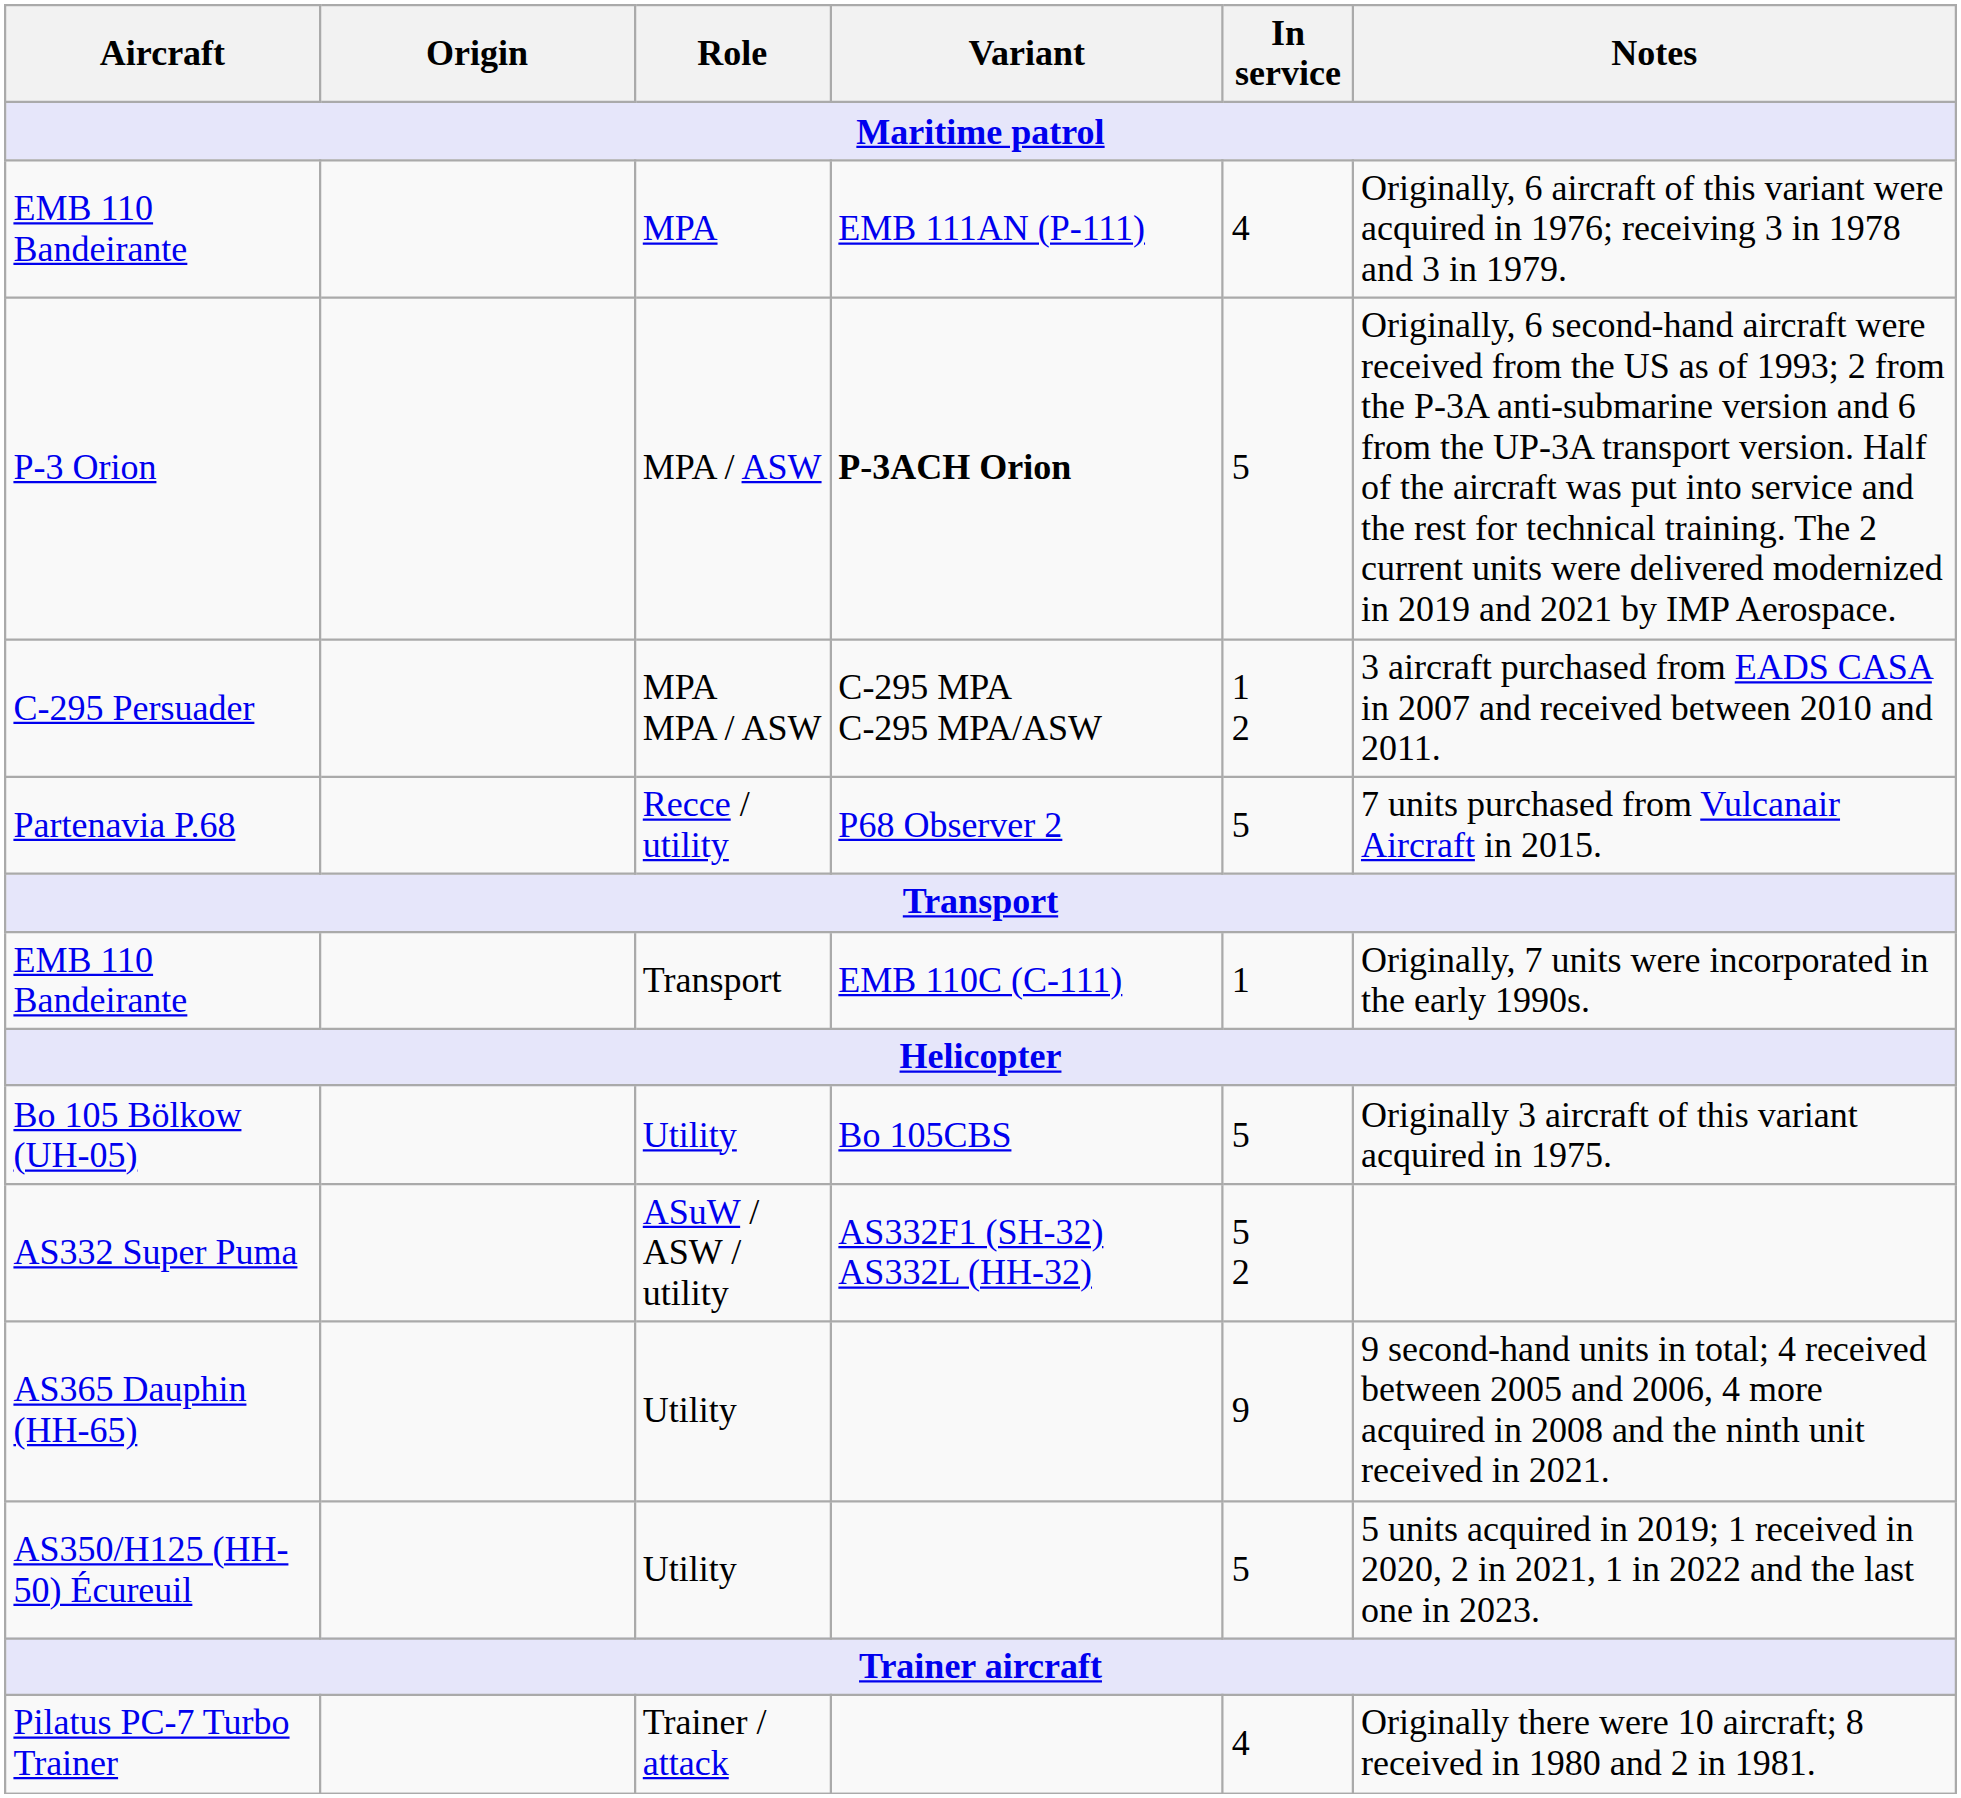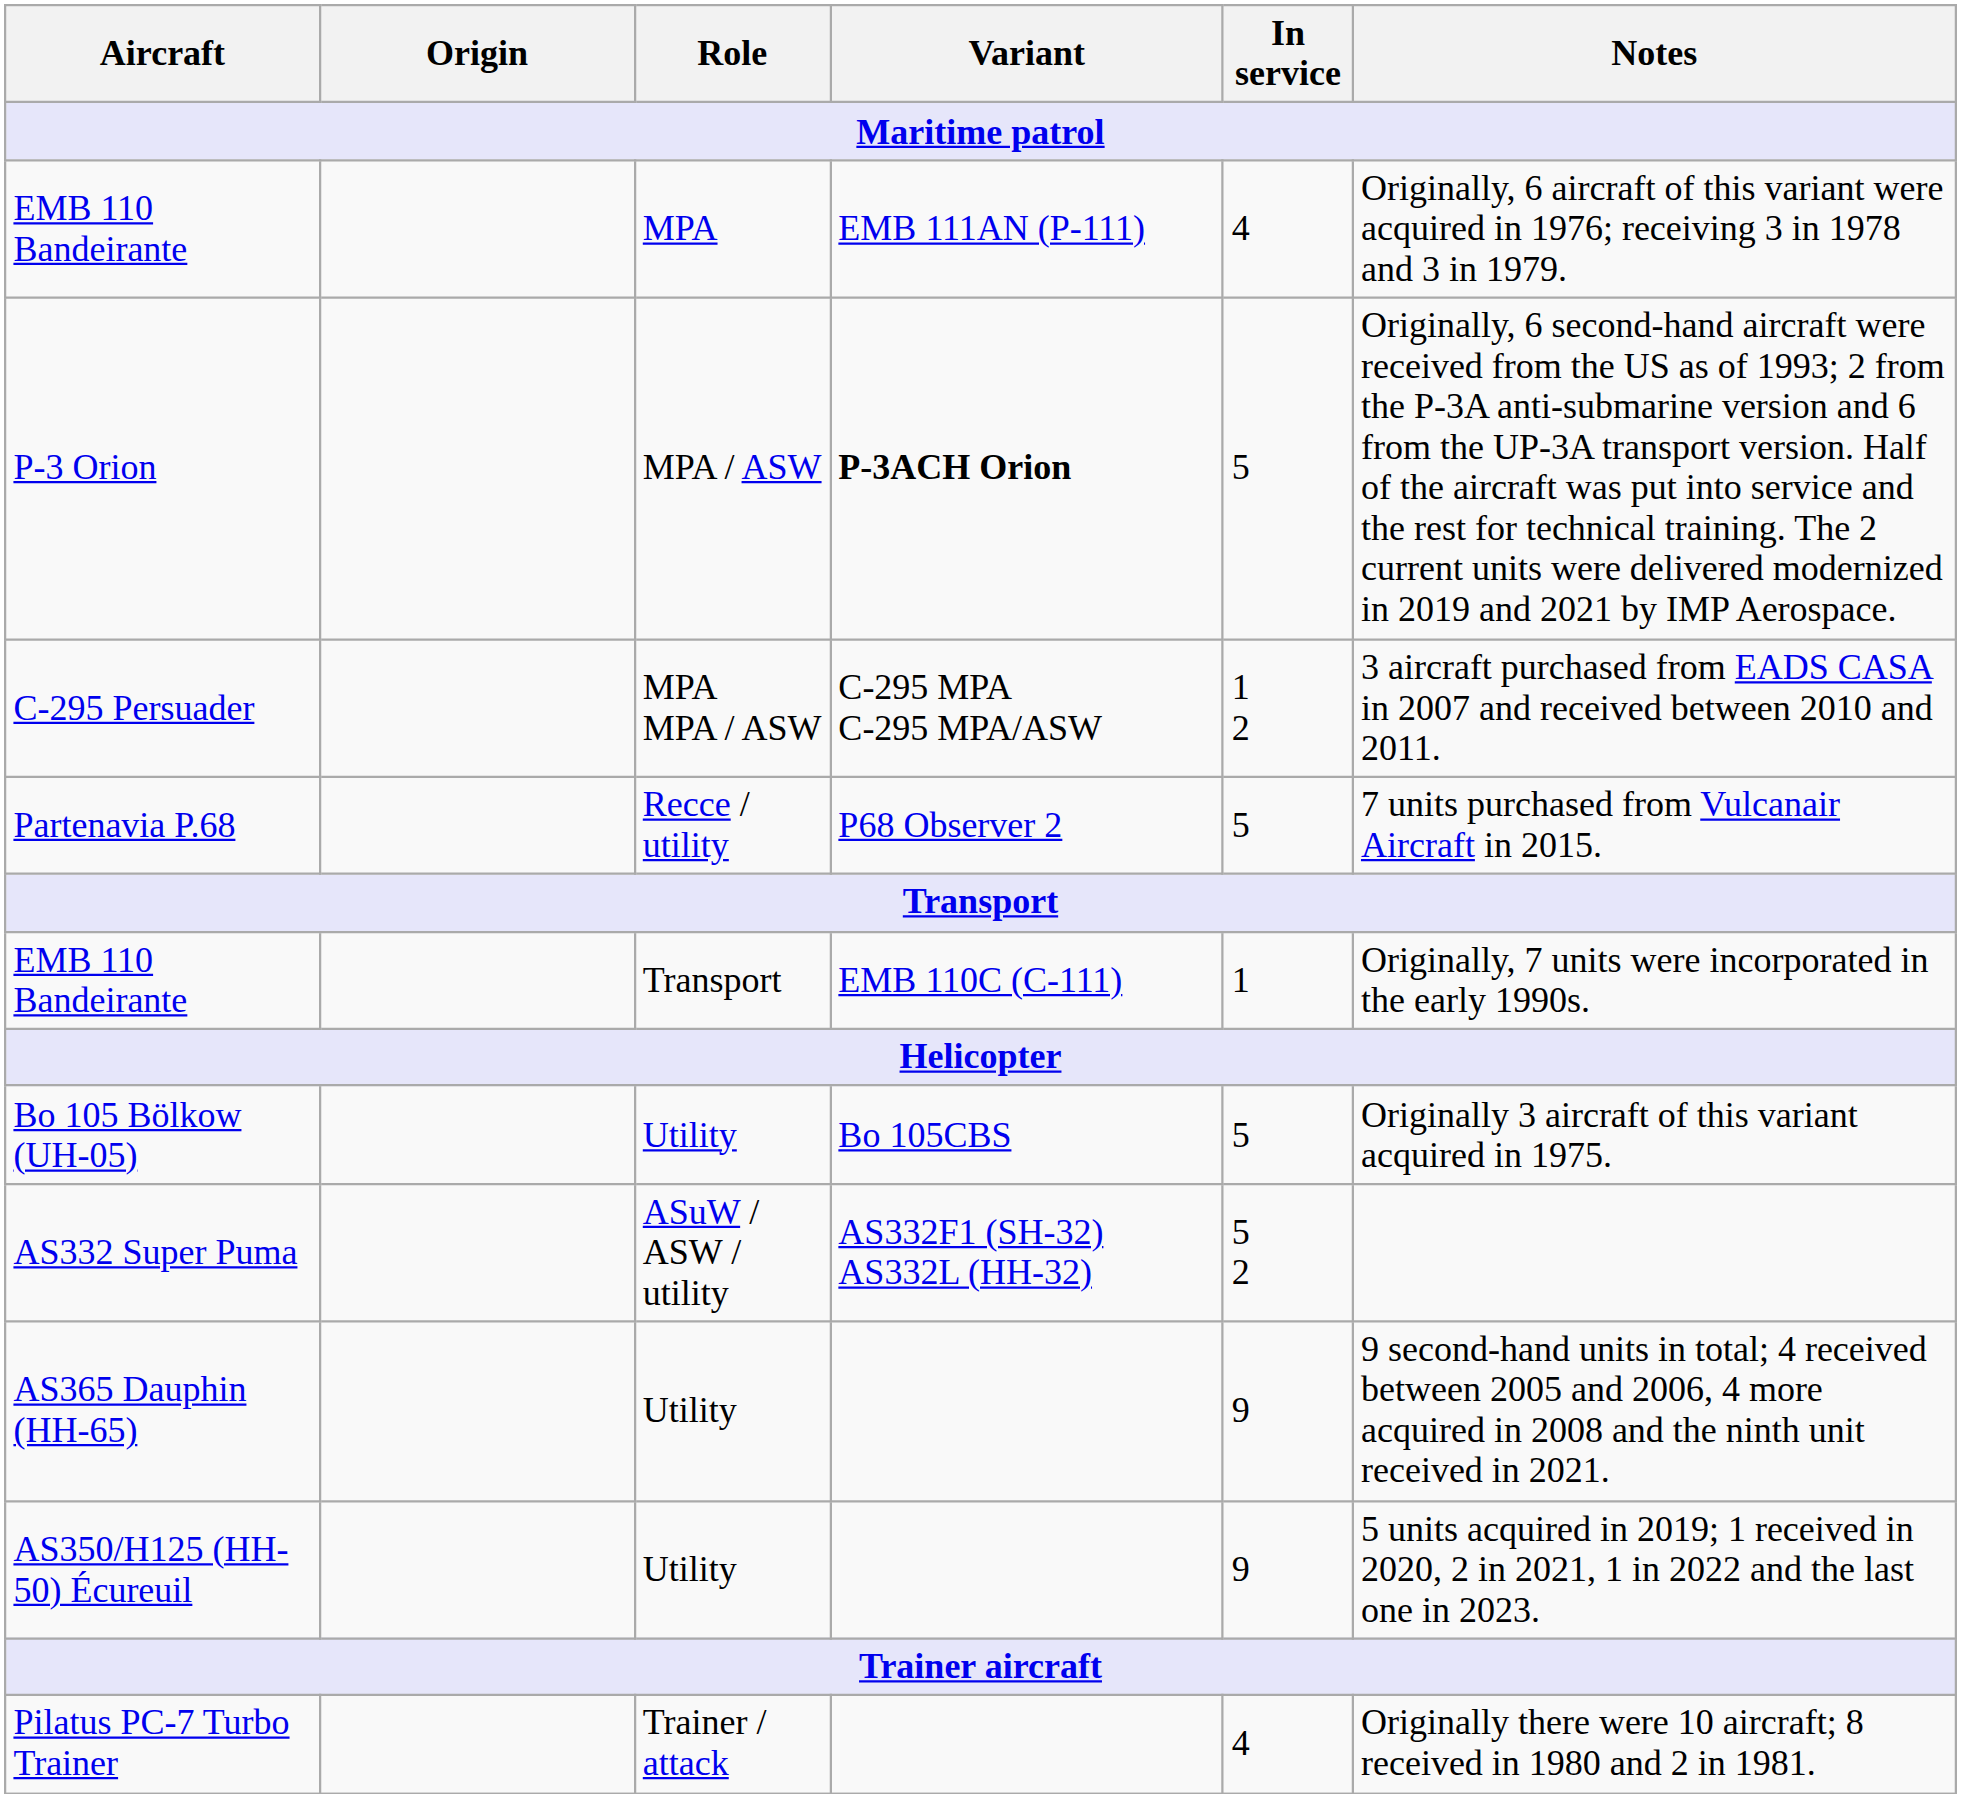 <table class="wikitable">
 <tr>
 <th width="12%">Aircraft</th>
 <th width="12%">Origin</th>
 <th width="6%">Role</th>
 <th width="15%">Variant</th>
 <th width="1%">In service</th>
 <th width="23%">Notes</th>
 </tr>
 <tr>
 <th style="align: center; background: lavender;" colspan="8"><a href='#'>Maritime patrol</a></th>
 </tr>
 <tr>
 <td><a href='#'>EMB 110 Bandeirante</a></td>
 <td></td>
 <td><a href='#'>MPA</a></td>
 <td><a href='#'>EMB 111AN (P-111)</a></td>
 <td>4</td>
 <td>Originally, 6 aircraft of this variant were acquired in 1976; receiving 3 in 1978 and 3 in 1979.</td>
 </tr>
 <tr>
 <td><a href='#'>P-3 Orion</a></td>
 <td></td>
 <td>MPA / <a href='#'>ASW</a></td>
 <td><strong>P-3ACH Orion</strong></td>
 <td>5</td>
 <td>Originally, 6 second-hand aircraft were received from the US as of 1993; 2 from the P-3A anti-submarine version and 6 from the UP-3A transport version. Half of the aircraft was put into service and the rest for technical training. The 2 current units were delivered modernized in 2019 and 2021 by IMP Aerospace.</td>
 </tr>
 <tr>
 <td><a href='#'>C-295 Persuader</a></td>
 <td></td>
 <td>MPA<br>MPA / ASW</td>
 <td>C-295 MPA<br>C-295 MPA/ASW</td>
 <td>1<br>2</td>
 <td>3 aircraft purchased from <a href='#'>EADS CASA</a> in 2007 and received between 2010 and 2011.</td>
 </tr>
 <tr>
 <td><a href='#'>Partenavia P.68</a></td>
 <td></td>
 <td><a href='#'>Recce</a> / <a href='#'>utility</a></td>
 <td><a href='#'>P68 Observer 2</a></td>
 <td>5</td>
 <td>7 units purchased from <a href='#'>Vulcanair Aircraft</a> in 2015.</td>
 </tr>
 <tr>
 <th style="align: center; background: lavender;" colspan="7"><a href='#'>Transport</a></th>
 </tr>
 <tr>
 <td><a href='#'>EMB 110 Bandeirante</a></td>
 <td></td>
 <td>Transport</td>
 <td><a href='#'>EMB 110C (C-111)</a></td>
 <td>1</td>
 <td>Originally, 7 units were incorporated in the early 1990s.</td>
 </tr>
 <tr>
 <th style="align: center; background: lavender;" colspan="7"><a href='#'>Helicopter</a></th>
 </tr>
 <tr>
 <td><a href='#'>Bo 105 Bölkow (UH-05)</a></td>
 <td></td>
 <td><a href='#'>Utility</a></td>
 <td><a href='#'>Bo 105CBS</a></td>
 <td>5</td>
 <td>Originally 3 aircraft of this variant acquired in 1975.</td>
 </tr>
 <tr>
 <td><a href='#'>AS332 Super Puma</a></td>
 <td></td>
 <td><a href='#'>ASuW</a> / ASW / utility</td>
 <td><a href='#'>AS332F1 (SH-32)</a><br><a href='#'>AS332L (HH-32)</a></td>
 <td>5<br>2</td>
 <td></td>
 </tr>
 <tr>
 <td><a href='#'>AS365 Dauphin (HH-65)</a></td>
 <td></td>
 <td>Utility</td>
 <td></td>
 <td>9</td>
 <td>9 second-hand units in total; 4 received between 2005 and 2006, 4 more acquired in 2008 and the ninth unit received in 2021.</td>
 </tr>
 <tr>
 <td><a href='#'>AS350/H125 (HH-50) Écureuil</a></td>
 <td></td>
 <td>Utility</td>
 <td></td>
-<td>5</td>
+<td>9</td>
 <td>5 units acquired in 2019; 1 received in 2020, 2 in 2021, 1 in 2022 and the last one in 2023.</td>
 </tr>
 <tr>
 <th style="align: center; background: lavender;" colspan="7"><a href='#'>Trainer aircraft</a></th>
 </tr>
 <tr>
 <td><a href='#'>Pilatus PC-7 Turbo Trainer</a></td>
 <td></td>
 <td>Trainer / <a href='#'>attack</a></td>
 <td></td>
 <td>4</td>
 <td>Originally there were 10 aircraft; 8 received in 1980 and 2 in 1981.</td>
 </tr>
 <tr>
 </tr>
 </table>
